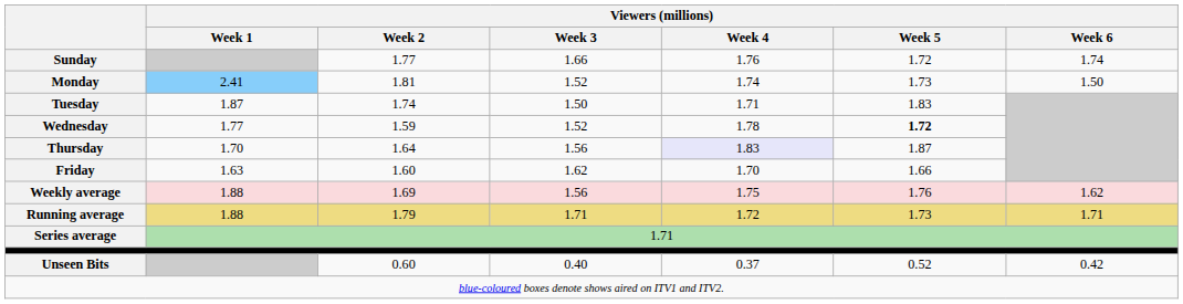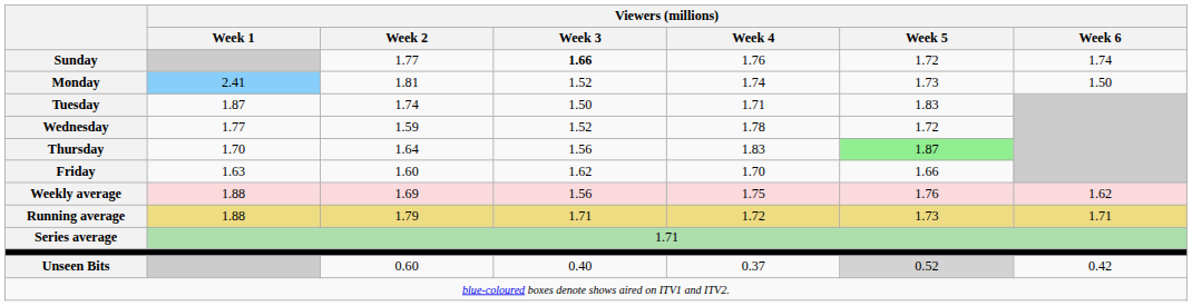 <table class="wikitable" style="font-size:90%; text-align:center; width: 100%; margin-left: auto; margin-right: auto;">
 <tr>
 <th scope="col" rowspan="2" style="width:12%;"></th>
 <th scope=col colspan=7>Viewers (millions)</th>
 </tr>
 <tr>
 <th>Week 1</th>
 <th>Week 2</th>
 <th>Week 3</th>
 <th>Week 4</th>
 <th>Week 5</th>
 <th>Week 6</th>
 </tr>
 <tr>
 <th>Sunday</th>
 <td bgcolor="#CCCCCC"></td>
 <td>1.77</td>
-<td>1.66</td>
+<td><strong>1.66</strong></td>
 <td>1.76</td>
 <td>1.72</td>
 <td>1.74</td>
 </tr>
 <tr>
 <th>Monday</th>
 <td style="background:#87CEFA;">2.41</td>
 <td>1.81</td>
 <td>1.52</td>
 <td>1.74</td>
 <td>1.73</td>
 <td>1.50</td>
 </tr>
 <tr>
 <th>Tuesday</th>
 <td>1.87</td>
 <td>1.74</td>
 <td>1.50</td>
 <td>1.71</td>
 <td>1.83</td>
 <td bgcolor="#CCCCCC" rowspan=4></td>
 </tr>
 <tr>
 <th>Wednesday</th>
 <td>1.77</td>
 <td>1.59</td>
 <td>1.52</td>
 <td>1.78</td>
-<td><strong>1.72</strong></td>
+<td>1.72</td>
 </tr>
 <tr>
 <th>Thursday</th>
 <td>1.70</td>
 <td>1.64</td>
 <td>1.56</td>
-<td style="background: lavender;">1.83</td>
-<td>1.87</td>
+<td>1.83</td>
+<td style="background: lightgreen;">1.87</td>
 </tr>
 <tr>
 <th>Friday</th>
 <td>1.63</td>
 <td>1.60</td>
 <td>1.62</td>
 <td>1.70</td>
 <td>1.66</td>
 </tr>
 <tr>
 <th>Weekly average</th>
 <td style="background:#FADADD;">1.88</td>
 <td style="background:#FADADD;">1.69</td>
 <td style="background:#FADADD;">1.56</td>
 <td style="background:#FADADD;">1.75</td>
 <td style="background:#FADADD;">1.76</td>
 <td style="background:#FADADD;">1.62</td>
 </tr>
 <tr>
 <th>Running average</th>
 <td style="background:#EEDC82;">1.88</td>
 <td style="background:#EEDC82;">1.79</td>
 <td style="background:#EEDC82;">1.71</td>
 <td style="background:#EEDC82;">1.72</td>
 <td style="background:#EEDC82;">1.73</td>
 <td style="background:#EEDC82;">1.71</td>
 </tr>
 <tr>
 <th>Series average</th>
 <td colspan="6" style="background:#ADDFAD;">1.71</td>
 </tr>
 <tr>
 <th colspan="7" style="background:#000"></th>
 </tr>
 <tr>
 <th>Unseen Bits</th>
 <td style="background:#ccc;"></td>
 <td>0.60</td>
 <td>0.40</td>
 <td>0.37</td>
-<td>0.52</td>
+<td style="background: lightgrey;">0.52</td>
 <td>0.42</td>
 </tr>
 <tr>
 <td colspan=7><small><em><a href='#'>blue-coloured</a> boxes denote shows aired on ITV1 and ITV2.</em></small></td>
 </tr>
 </table>
